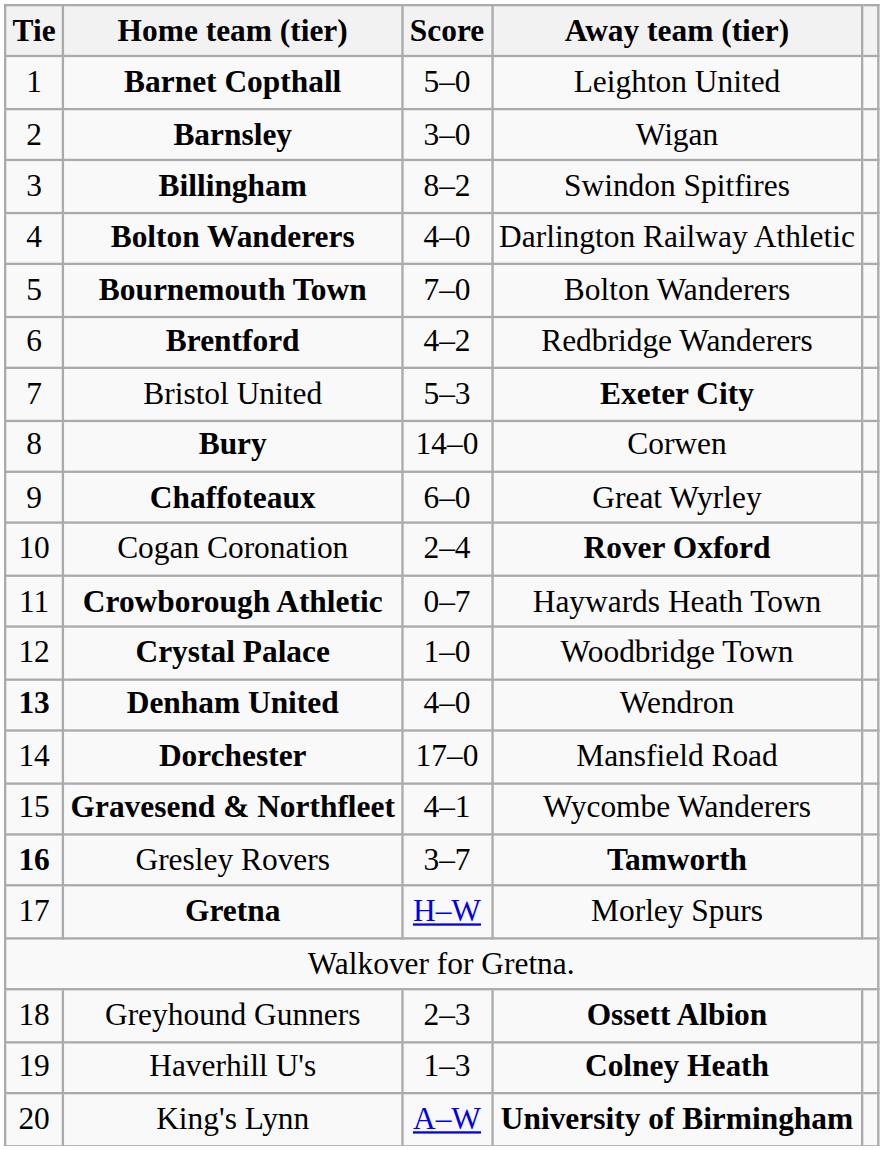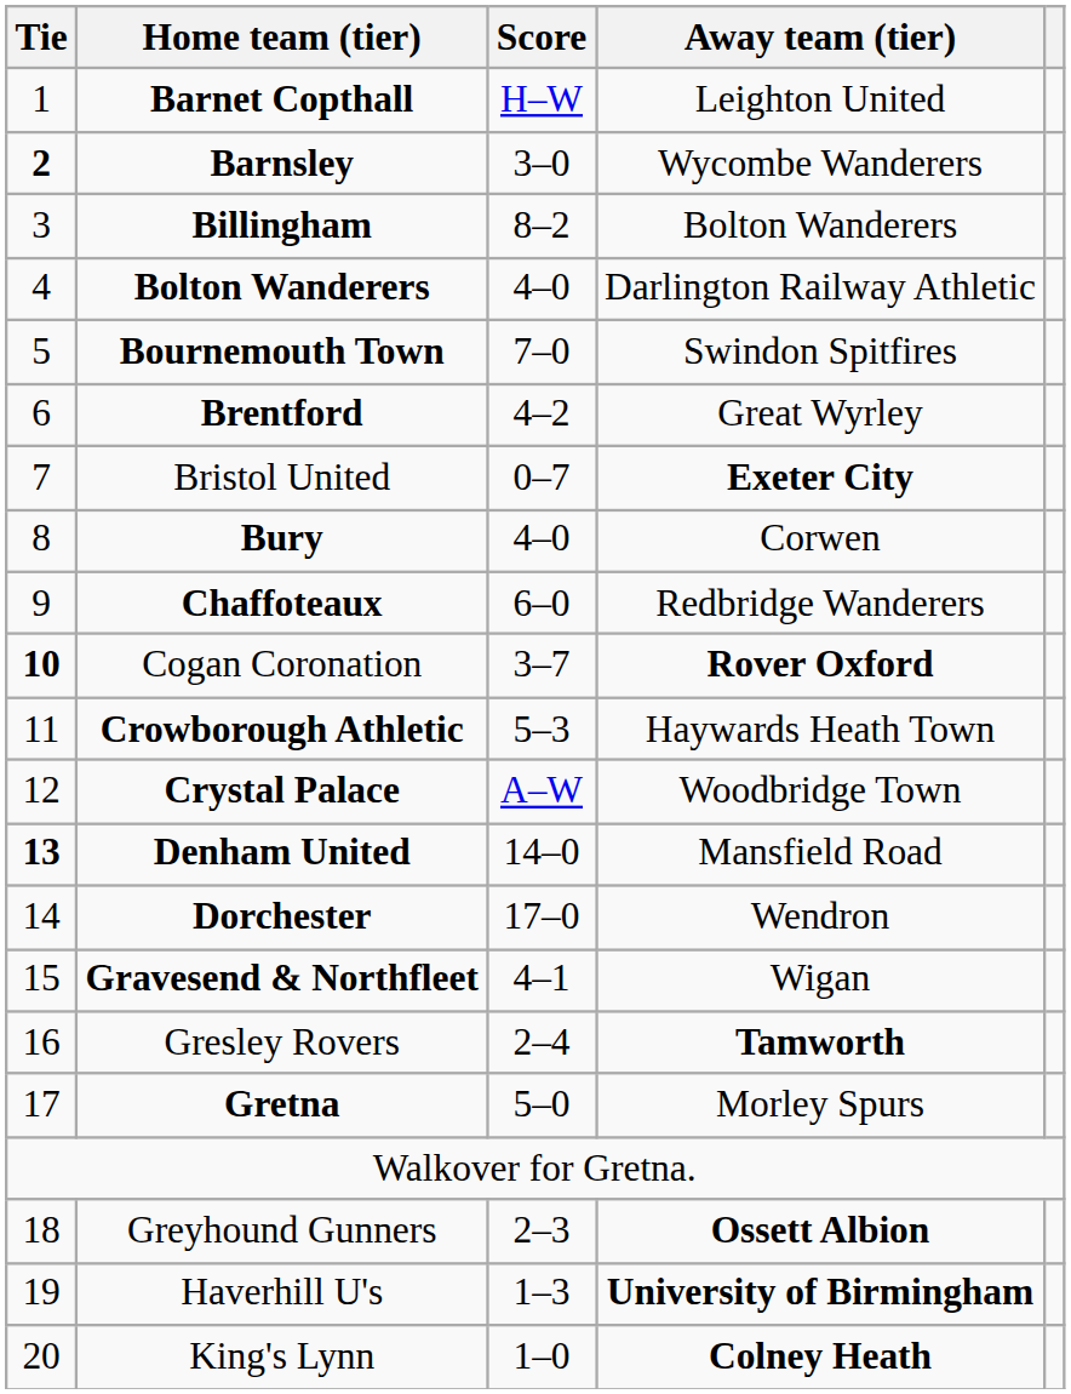 <table class="wikitable" style="text-align:center; font-size:85%">
 <tr>
 <th>Tie</th>
 <th>Home team (tier)</th>
 <th>Score</th>
 <th>Away team (tier)</th>
 <th></th>
 </tr>
 <tr>
 <td align="center">1</td>
 <td><strong>Barnet Copthall</strong></td>
-<td align="center">5–0</td>
+<td align="center"><a href='#'>H–W</a></td>
 <td>Leighton United</td>
 <td></td>
 </tr>
 <tr>
-<td align="center">2</td>
+<td align="center"><strong>2</strong></td>
 <td><strong>Barnsley</strong></td>
 <td align="center">3–0</td>
-<td>Wigan</td>
+<td>Wycombe Wanderers</td>
 <td></td>
 </tr>
 <tr>
 <td align="center">3</td>
 <td><strong>Billingham</strong></td>
 <td align="center">8–2</td>
-<td>Swindon Spitfires</td>
+<td>Bolton Wanderers</td>
 <td></td>
 </tr>
 <tr>
 <td align="center">4</td>
 <td><strong>Bolton Wanderers</strong></td>
 <td align="center">4–0</td>
 <td>Darlington Railway Athletic</td>
 <td></td>
 </tr>
 <tr>
 <td align="center">5</td>
 <td><strong>Bournemouth Town</strong></td>
 <td align="center">7–0</td>
-<td>Bolton Wanderers</td>
+<td>Swindon Spitfires</td>
 <td></td>
 </tr>
 <tr>
 <td align="center">6</td>
 <td><strong>Brentford</strong></td>
 <td align="center">4–2</td>
-<td>Redbridge Wanderers</td>
+<td>Great Wyrley</td>
 <td></td>
 </tr>
 <tr>
 <td align="center">7</td>
 <td>Bristol United</td>
-<td align="center">5–3</td>
+<td align="center">0–7</td>
 <td><strong>Exeter City</strong></td>
 <td></td>
 </tr>
 <tr>
 <td align="center">8</td>
 <td><strong>Bury</strong></td>
-<td align="center">14–0</td>
+<td align="center">4–0</td>
 <td>Corwen</td>
 <td></td>
 </tr>
 <tr>
 <td align="center">9</td>
 <td><strong>Chaffoteaux</strong></td>
 <td align="center">6–0</td>
-<td>Great Wyrley</td>
+<td>Redbridge Wanderers</td>
 <td></td>
 </tr>
 <tr>
-<td align="center">10</td>
+<td align="center"><strong>10</strong></td>
 <td>Cogan Coronation</td>
-<td align="center">2–4</td>
+<td align="center">3–7</td>
 <td><strong>Rover Oxford</strong></td>
 <td></td>
 </tr>
 <tr>
 <td align="center">11</td>
 <td><strong>Crowborough Athletic</strong></td>
-<td align="center">0–7</td>
+<td align="center">5–3</td>
 <td>Haywards Heath Town</td>
 <td></td>
 </tr>
 <tr>
 <td align="center">12</td>
 <td><strong>Crystal Palace</strong></td>
-<td align="center">1–0</td>
+<td align="center"><a href='#'>A–W</a></td>
 <td>Woodbridge Town</td>
 <td></td>
 </tr>
 <tr>
 <td align="center"><strong>13</strong></td>
 <td><strong>Denham United</strong></td>
-<td align="center">4–0</td>
-<td>Wendron</td>
+<td align="center">14–0</td>
+<td>Mansfield Road</td>
 <td></td>
 </tr>
 <tr>
 <td align="center">14</td>
 <td><strong>Dorchester</strong></td>
 <td align="center">17–0</td>
-<td>Mansfield Road</td>
+<td>Wendron</td>
 <td></td>
 </tr>
 <tr>
 <td align="center">15</td>
 <td><strong>Gravesend & Northfleet</strong></td>
 <td align="center">4–1</td>
-<td>Wycombe Wanderers</td>
+<td>Wigan</td>
 <td></td>
 </tr>
 <tr>
-<td align="center"><strong>16</strong></td>
+<td align="center">16</td>
 <td>Gresley Rovers</td>
-<td align="center">3–7</td>
+<td align="center">2–4</td>
 <td><strong>Tamworth</strong></td>
 <td></td>
 </tr>
 <tr>
 <td align="center">17</td>
 <td><strong>Gretna</strong></td>
-<td align="center"><a href='#'>H–W</a></td>
+<td align="center">5–0</td>
 <td>Morley Spurs</td>
 <td></td>
 </tr>
 <tr>
 <td colspan="5" align="center">Walkover for Gretna.</td>
 </tr>
 <tr>
 <td align="center">18</td>
 <td>Greyhound Gunners</td>
 <td align="center">2–3</td>
 <td><strong>Ossett Albion</strong></td>
 <td></td>
 </tr>
 <tr>
 <td align="center">19</td>
 <td>Haverhill U's</td>
 <td align="center">1–3</td>
-<td><strong>Colney Heath</strong></td>
+<td><strong>University of Birmingham</strong></td>
 <td></td>
 </tr>
 <tr>
 <td align="center">20</td>
 <td>King's Lynn</td>
-<td align="center"><a href='#'>A–W</a></td>
-<td><strong>University of Birmingham</strong></td>
+<td align="center">1–0</td>
+<td><strong>Colney Heath</strong></td>
 <td></td>
 </tr>
 </table>
